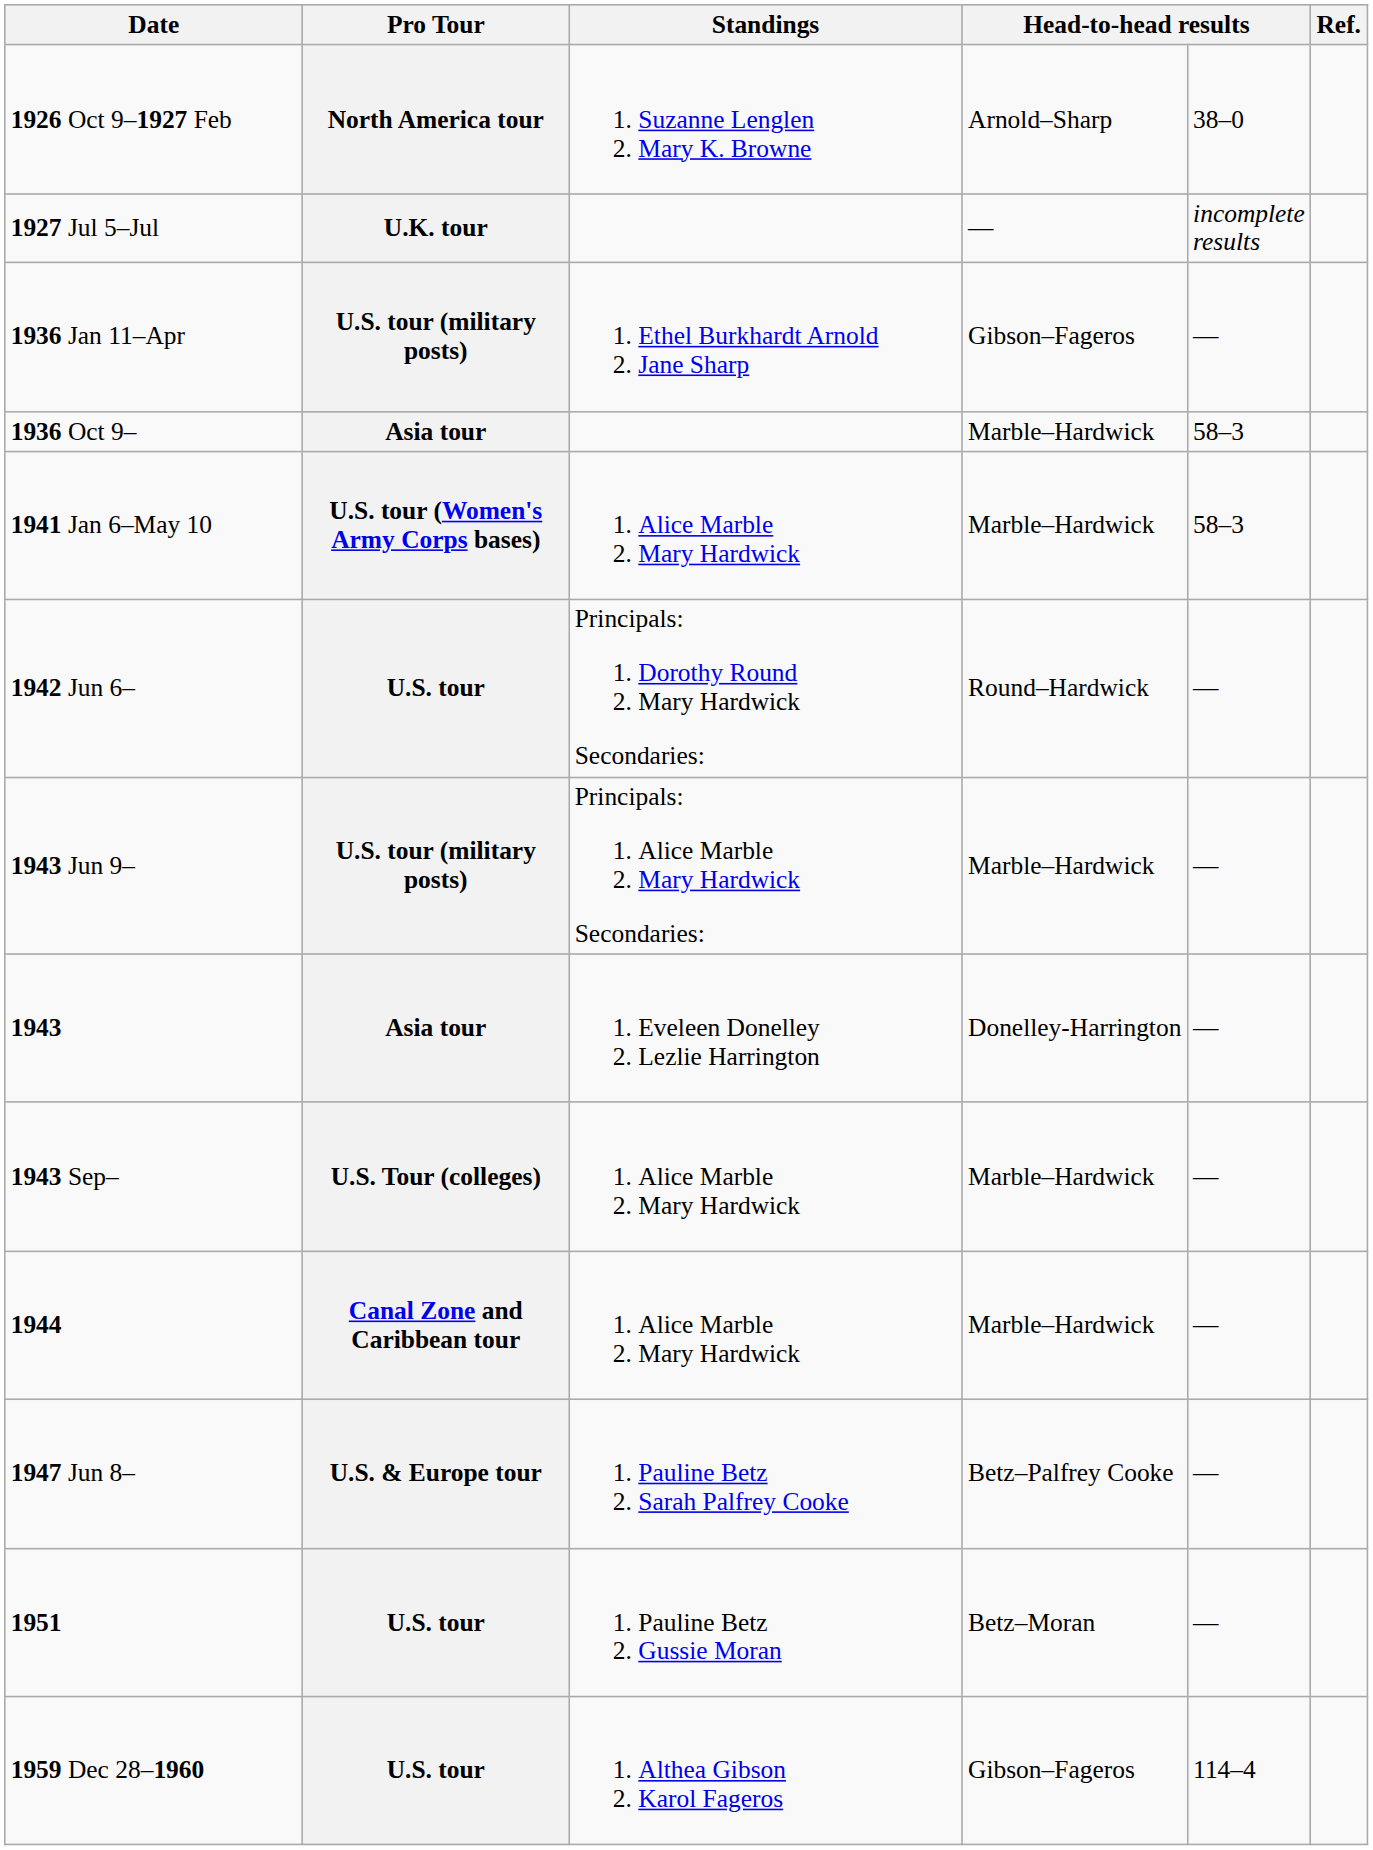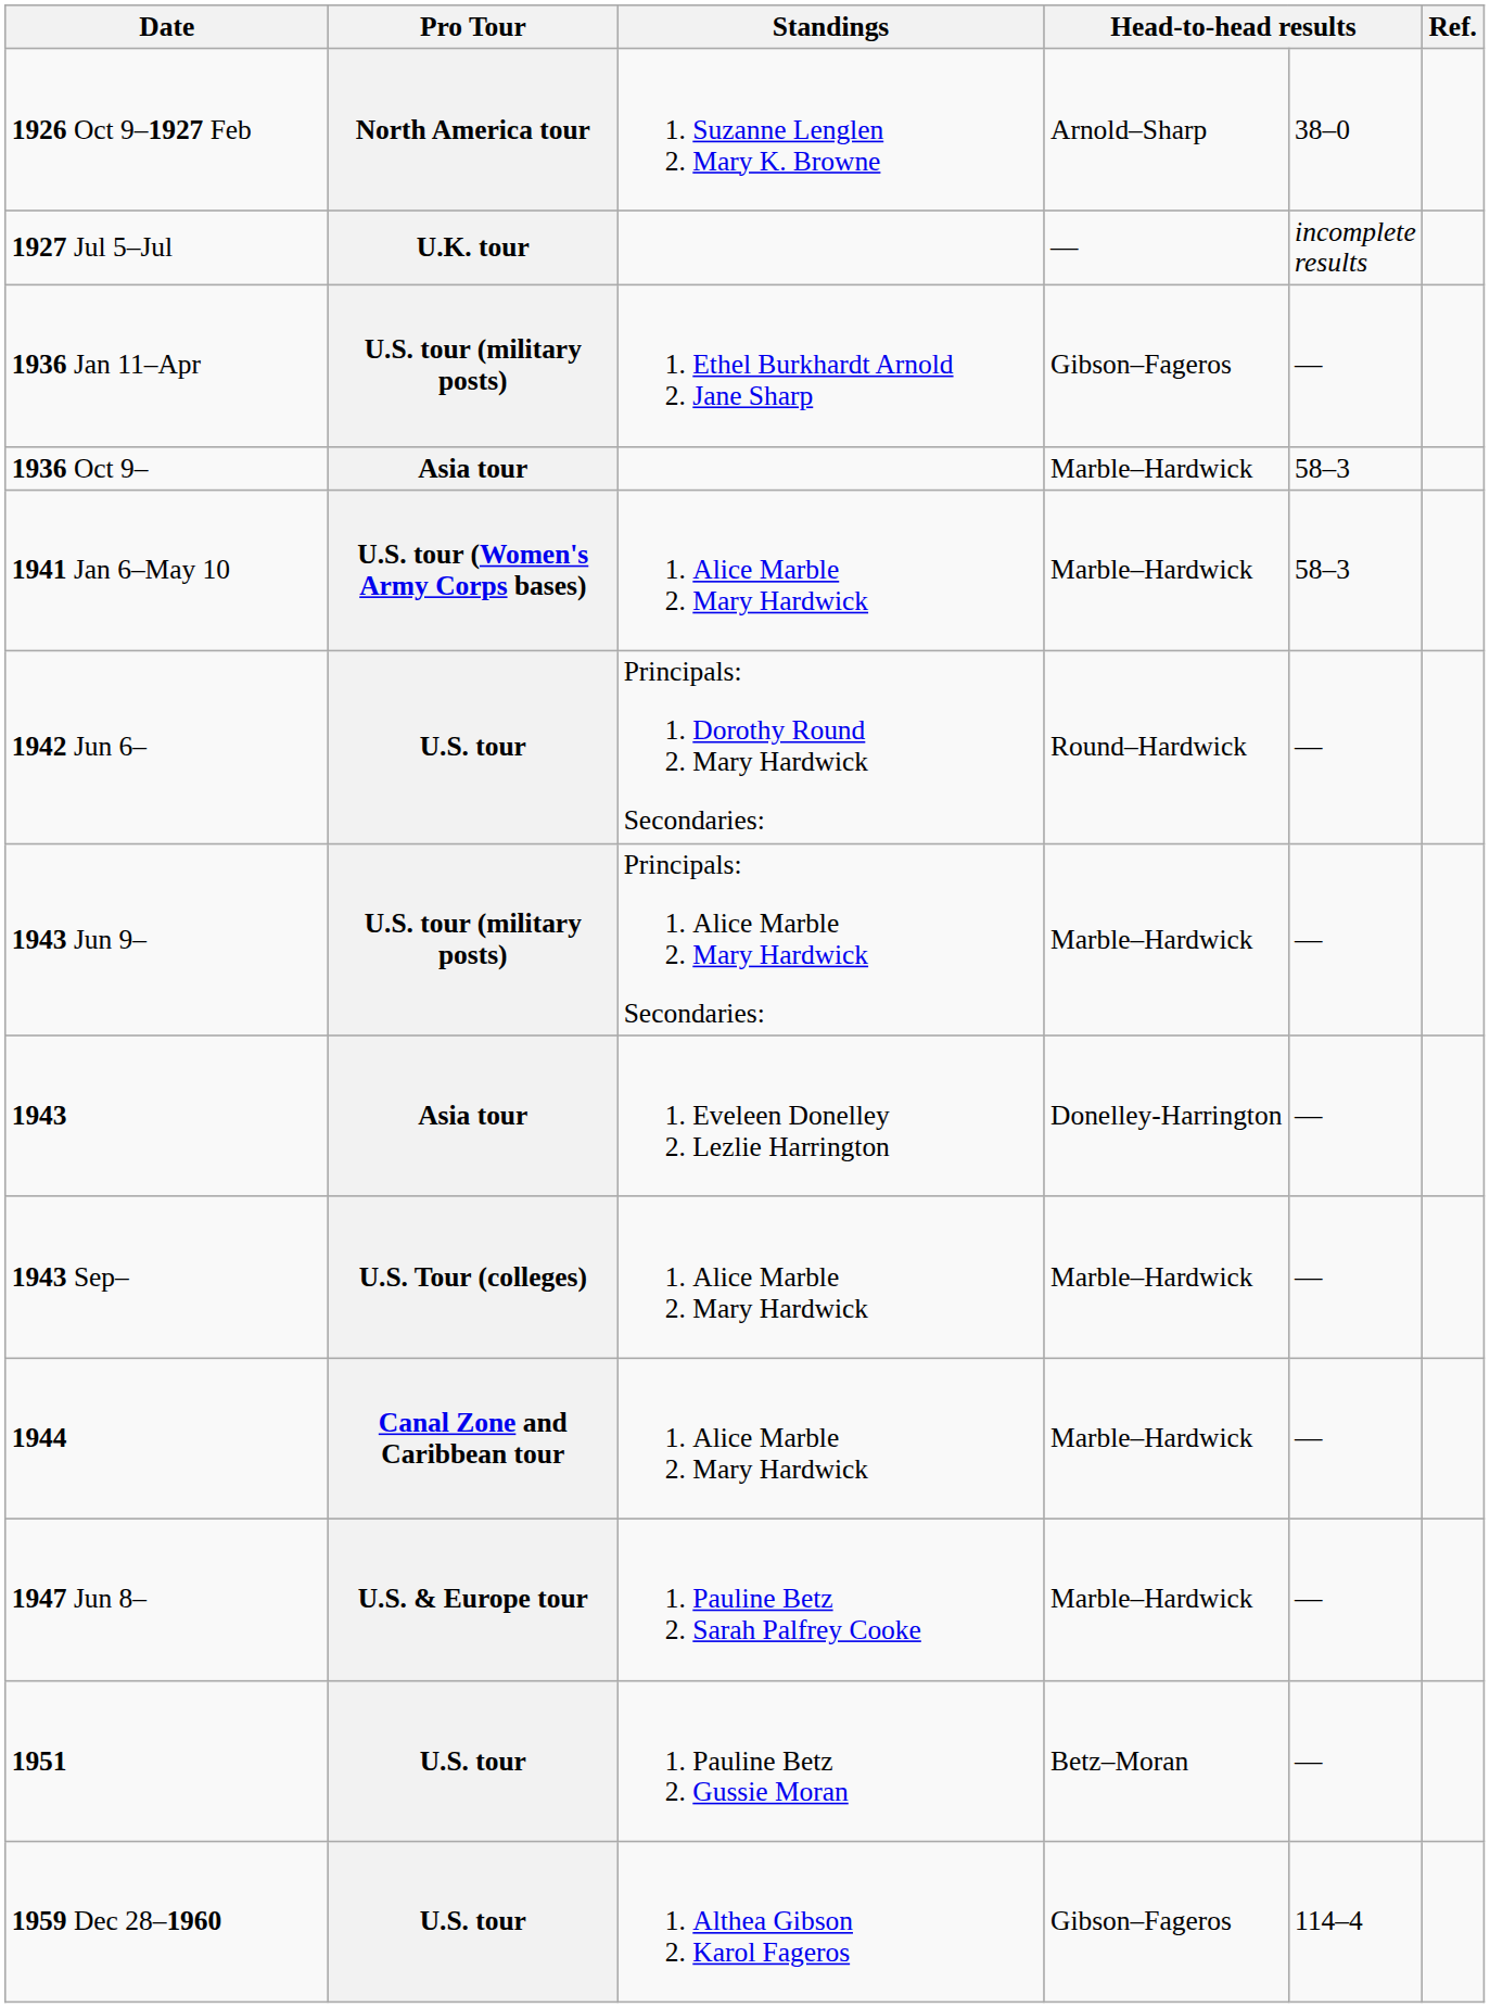 <table class="wikitable plainrowheaders">
 <tr>
 <th width="180">Date</th>
 <th width="160">Pro Tour</th>
 <th width="240">Standings</th>
 <th colspan="2">Head-to-head results</th>
 <th>Ref.</th>
 </tr>
 <tr>
 <td><strong>1926</strong> Oct 9–<strong>1927</strong> Feb</td>
 <th scope="row">North America tour</th>
 <td><br><ol><li> <a href='#'>Suzanne Lenglen</a></li><li> <a href='#'>Mary K. Browne</a></li></ol></td>
 <td>Arnold–Sharp</td>
 <td>38–0</td>
 <td></td>
 </tr>
 <tr>
 <td><strong>1927</strong> Jul 5–Jul</td>
 <th scope="row">U.K. tour</th>
 <td><br></td>
 <td>—</td>
 <td><em>incomplete<br>results</em></td>
 <td></td>
 </tr>
 <tr>
 <td><strong>1936</strong> Jan 11–Apr</td>
 <th scope="row">U.S. tour (military posts)</th>
 <td><br><ol><li> <a href='#'>Ethel Burkhardt Arnold</a></li><li> <a href='#'>Jane Sharp</a></li></ol></td>
 <td>Gibson–Fageros</td>
 <td>—</td>
 <td></td>
 </tr>
 <tr>
 <td><strong>1936</strong> Oct 9–</td>
 <th scope="row">Asia tour</th>
 <td><br></td>
 <td>Marble–Hardwick</td>
 <td>58–3</td>
 <td></td>
 </tr>
 <tr>
 <td><strong>1941</strong> Jan 6–May 10</td>
 <th scope="row">U.S. tour (<a href='#'>Women's Army Corps</a> bases)</th>
 <td><br><ol><li> <a href='#'>Alice Marble</a></li><li> <a href='#'>Mary Hardwick</a></li></ol></td>
 <td>Marble–Hardwick</td>
 <td>58–3</td>
 <td><br></td>
 </tr>
 <tr>
 <td><strong>1942</strong> Jun 6–</td>
 <th scope="row">U.S. tour</th>
 <td>Principals:<br><ol><li> <a href='#'>Dorothy Round</a></li><li> Mary Hardwick</li></ol>Secondaries:</td>
 <td>Round–Hardwick</td>
 <td>—</td>
 <td></td>
 </tr>
 <tr>
 <td><strong>1943</strong> Jun 9–</td>
 <th scope="row">U.S. tour (military posts)</th>
 <td>Principals:<br><ol><li> Alice Marble</li><li> <a href='#'>Mary Hardwick</a></li></ol>Secondaries:</td>
 <td>Marble–Hardwick</td>
 <td>—</td>
 <td></td>
 </tr>
 <tr>
 <td><strong>1943</strong></td>
 <th scope="row">Asia tour</th>
 <td><br><ol><li> Eveleen Donelley</li><li> Lezlie Harrington</li></ol></td>
 <td>Donelley-Harrington</td>
 <td>—</td>
 <td></td>
 </tr>
 <tr>
 <td><strong>1943</strong> Sep–</td>
 <th scope="row">U.S. Tour (colleges)</th>
 <td><br><ol><li> Alice Marble</li><li> Mary Hardwick</li></ol></td>
 <td>Marble–Hardwick</td>
 <td>—</td>
 <td></td>
 </tr>
 <tr>
 <td><strong>1944</strong></td>
 <th scope="row"><a href='#'>Canal Zone</a> and Caribbean tour</th>
 <td><br><ol><li> Alice Marble</li><li> Mary Hardwick</li></ol></td>
 <td>Marble–Hardwick</td>
 <td>—</td>
 <td></td>
 </tr>
 <tr>
 <td><strong>1947</strong> Jun 8–</td>
 <th scope="row">U.S. & Europe tour</th>
 <td><br><ol><li> <a href='#'>Pauline Betz</a></li><li> <a href='#'>Sarah Palfrey Cooke</a></li></ol></td>
-<td>Betz–Palfrey Cooke</td>
+<td>Marble–Hardwick</td>
 <td>—</td>
 <td><br></td>
 </tr>
 <tr>
 <td><strong>1951</strong></td>
 <th scope="row">U.S. tour</th>
 <td><br><ol><li> Pauline Betz</li><li> <a href='#'>Gussie Moran</a></li></ol></td>
 <td>Betz–Moran</td>
 <td>—</td>
 <td></td>
 </tr>
 <tr>
 <td><strong>1959</strong> Dec 28–<strong>1960</strong></td>
 <th scope="row">U.S. tour</th>
 <td><br><ol><li> <a href='#'>Althea Gibson</a></li><li> <a href='#'>Karol Fageros</a></li></ol></td>
 <td>Gibson–Fageros</td>
 <td>114–4</td>
 <td><br></td>
 </tr>
 </table>
